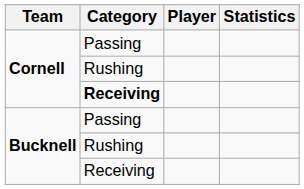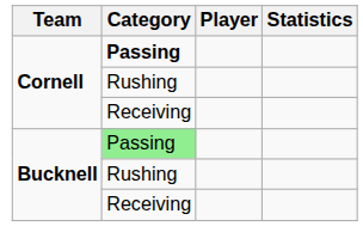 <table class="wikitable" style="float: right;">
 <tr>
 <th>Team</th>
 <th>Category</th>
 <th>Player</th>
 <th>Statistics</th>
 </tr>
 <tr>
 <td rowspan=3><strong>Cornell</strong></td>
-<td>Passing</td>
+<td><strong>Passing</strong></td>
 <td></td>
 <td></td>
 </tr>
 <tr>
 <td>Rushing</td>
 <td></td>
 <td></td>
 </tr>
 <tr>
-<td><strong>Receiving</strong></td>
+<td>Receiving</td>
 <td></td>
 <td></td>
 </tr>
 <tr>
 <td rowspan=3><strong>Bucknell</strong></td>
-<td>Passing</td>
+<td style="background: lightgreen;">Passing</td>
 <td></td>
 <td></td>
 </tr>
 <tr>
 <td>Rushing</td>
 <td></td>
 <td></td>
 </tr>
 <tr>
 <td>Receiving</td>
 <td></td>
 <td></td>
 </tr>
 </table>
